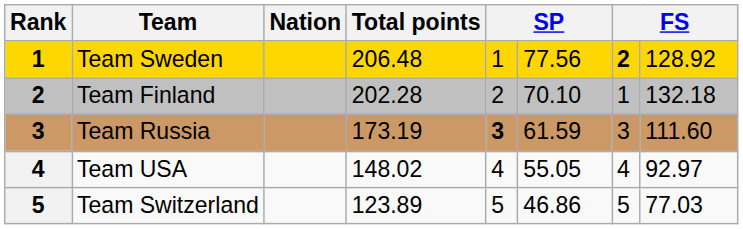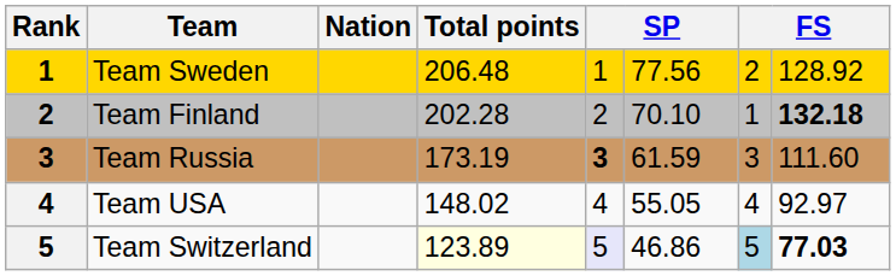 <table class="wikitable">
 <tr>
 <th>Rank</th>
 <th>Team</th>
 <th>Nation</th>
 <th>Total points</th>
 <th colspan="2" width="80px"><a href='#'>SP</a></th>
 <th colspan="2" width="80px"><a href='#'>FS</a></th>
 </tr>
 <tr bgcolor="gold">
 <td align="center"><strong>1</strong></td>
 <td>Team Sweden</td>
 <td></td>
 <td>206.48</td>
 <td>1</td>
 <td>77.56</td>
-<td><strong>2</strong></td>
+<td>2</td>
 <td>128.92</td>
 </tr>
 <tr bgcolor="silver">
 <td align="center"><strong>2</strong></td>
 <td>Team Finland</td>
 <td></td>
 <td>202.28</td>
 <td>2</td>
 <td>70.10</td>
 <td>1</td>
-<td>132.18</td>
+<td><strong>132.18</strong></td>
 </tr>
 <tr bgcolor="cc9966">
 <td align="center"><strong>3</strong></td>
 <td>Team Russia</td>
 <td></td>
 <td>173.19</td>
 <td><strong>3</strong></td>
 <td>61.59</td>
 <td>3</td>
 <td>111.60</td>
 </tr>
 <tr>
 <th>4</th>
 <td>Team USA</td>
 <td></td>
 <td>148.02</td>
 <td>4</td>
 <td>55.05</td>
 <td>4</td>
 <td>92.97</td>
 </tr>
 <tr>
 <th>5</th>
 <td>Team Switzerland</td>
 <td></td>
-<td>123.89</td>
-<td>5</td>
+<td style="background: lightyellow;">123.89</td>
+<td style="background: lavender;">5</td>
 <td>46.86</td>
-<td>5</td>
-<td>77.03</td>
+<td style="background: lightblue;">5</td>
+<td><strong>77.03</strong></td>
 </tr>
 </table>
